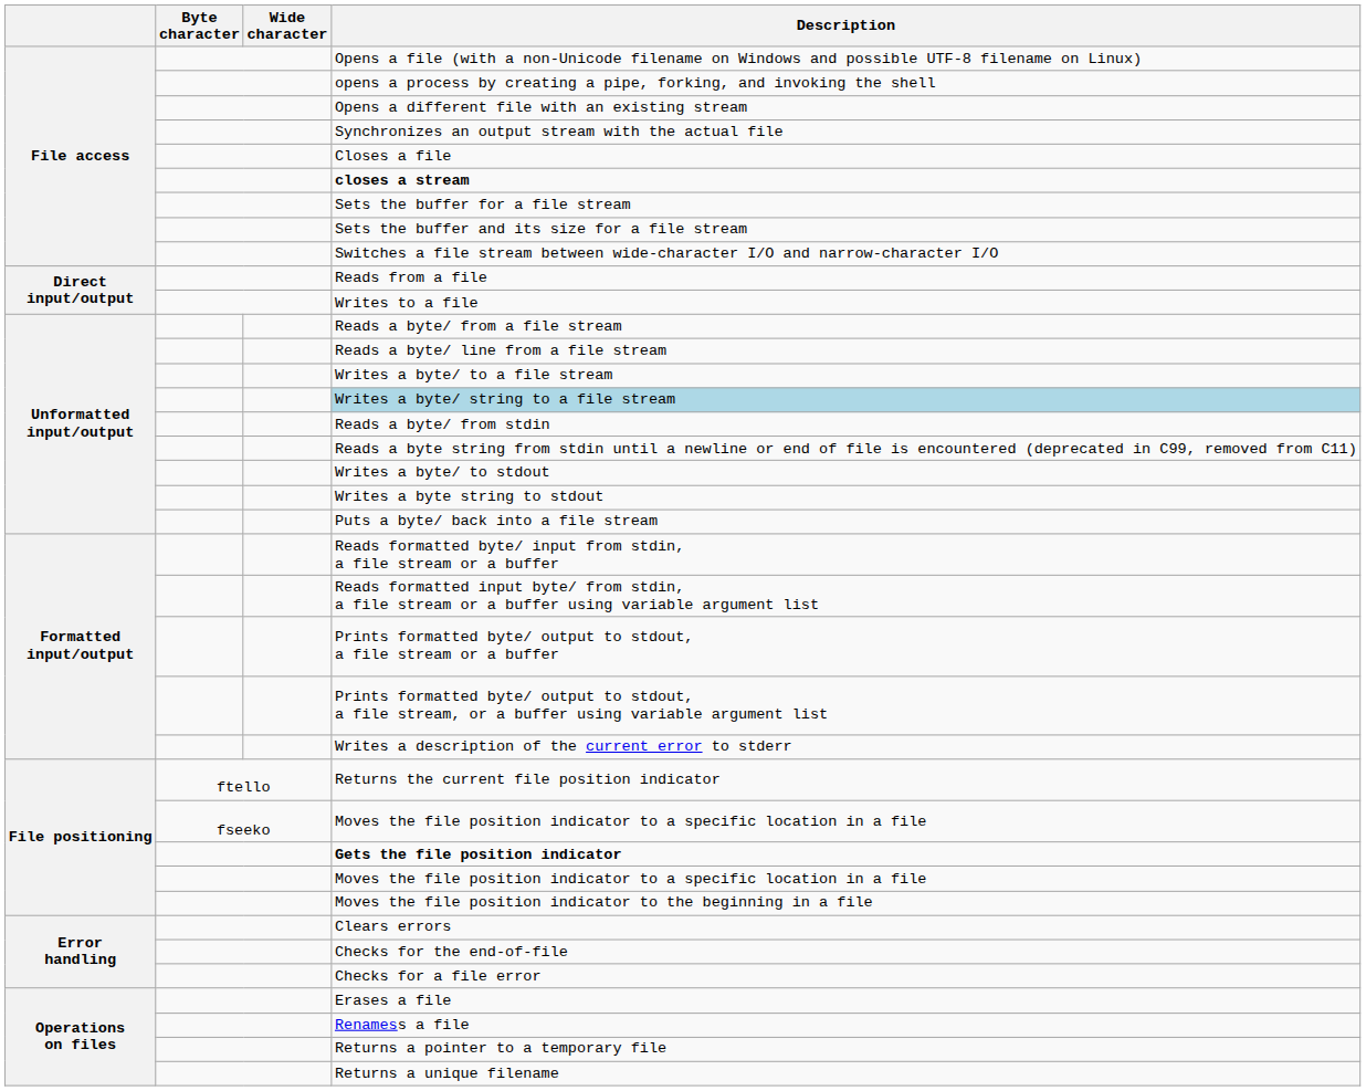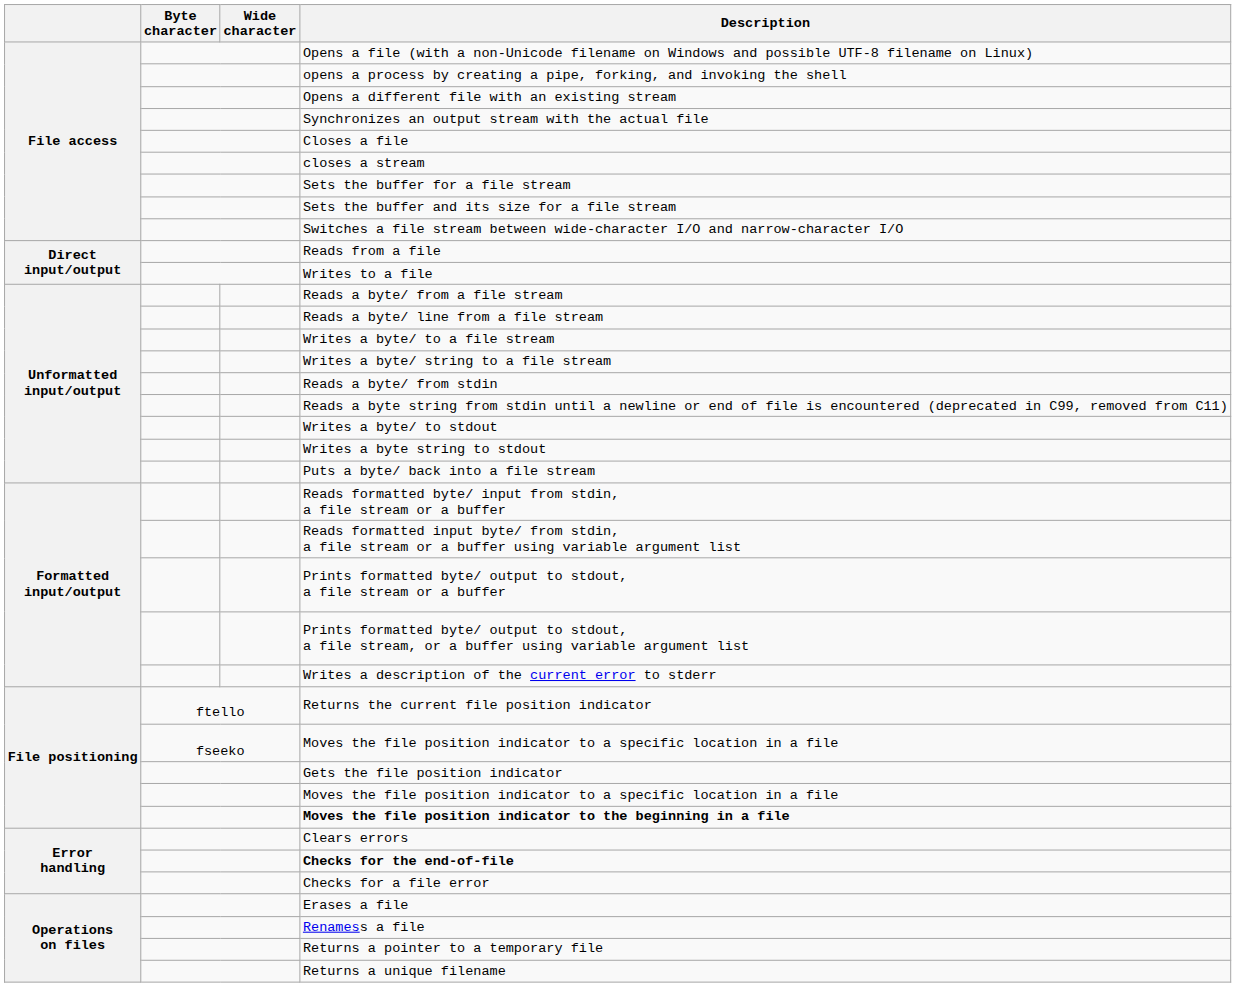 <table class="wikitable">
 <tr>
 <th></th>
 <th>Byte<br>character</th>
 <th>Wide<br>character</th>
 <th>Description</th>
 </tr>
 <tr>
 <th rowspan=9>File access</th>
 <td colspan=2 style="text-align:center;font-family:monospace"></td>
 <td>Opens a file (with a non-Unicode filename on Windows and possible UTF-8 filename on Linux)</td>
 </tr>
 <tr>
 <td colspan=2 style="text-align:center;font-family:monospace"></td>
 <td>opens a process by creating a pipe, forking, and invoking the shell</td>
 </tr>
 <tr>
 <td colspan=2 style="text-align:center;font-family:monospace"></td>
 <td>Opens a different file with an existing stream</td>
 </tr>
 <tr>
 <td colspan=2 style="text-align:center;font-family:monospace"></td>
 <td>Synchronizes an output stream with the actual file</td>
 </tr>
 <tr>
 <td colspan=2 style="text-align:center;font-family:monospace"></td>
 <td>Closes a file</td>
 </tr>
 <tr>
 <td colspan=2 style="text-align:center;font-family:monospace"></td>
-<td><strong>closes a stream</strong></td>
+<td>closes a stream</td>
 </tr>
 <tr>
 <td colspan=2 style="text-align:center;font-family:monospace"></td>
 <td>Sets the buffer for a file stream</td>
 </tr>
 <tr>
 <td colspan=2 style="text-align:center;font-family:monospace"></td>
 <td>Sets the buffer and its size for a file stream</td>
 </tr>
 <tr>
 <td colspan=2 style="text-align:center;font-family:monospace"></td>
 <td>Switches a file stream between wide-character I/O and narrow-character I/O</td>
 </tr>
 <tr>
 <th rowspan=2>Direct <br> input/output</th>
 <td colspan=2 style="text-align:center;font-family:monospace"></td>
 <td>Reads from a file</td>
 </tr>
 <tr>
 <td colspan=2 style="text-align:center;font-family:monospace"></td>
 <td>Writes to a file</td>
 </tr>
 <tr>
 <th rowspan=9>Unformatted <br> input/output</th>
 <td style="font-family:monospace"><br></td>
 <td style="font-family:monospace"><br></td>
 <td>Reads a byte/ from a file stream</td>
 </tr>
 <tr>
 <td style="font-family:monospace"></td>
 <td style="font-family:monospace"></td>
 <td>Reads a byte/ line from a file stream</td>
 </tr>
 <tr>
 <td style="font-family:monospace"><br></td>
 <td style="font-family:monospace"><br></td>
 <td>Writes a byte/ to a file stream</td>
 </tr>
 <tr>
 <td style="font-family:monospace"></td>
 <td style="font-family:monospace"></td>
-<td style="background: lightblue;">Writes a byte/ string to a file stream</td>
+<td>Writes a byte/ string to a file stream</td>
 </tr>
 <tr>
 <td style="font-family:monospace"></td>
 <td style="font-family:monospace"></td>
 <td>Reads a byte/ from stdin</td>
 </tr>
 <tr>
 <td style="font-family:monospace"><s></s></td>
 <td></td>
 <td>Reads a byte string from stdin until a newline or end of file is encountered (deprecated in C99, removed from C11)</td>
 </tr>
 <tr>
 <td style="font-family:monospace"></td>
 <td style="font-family:monospace"></td>
 <td>Writes a byte/ to stdout</td>
 </tr>
 <tr>
 <td style="font-family:monospace"></td>
 <td></td>
 <td>Writes a byte string to stdout</td>
 </tr>
 <tr>
 <td style="font-family:monospace"></td>
 <td style="font-family:monospace"></td>
 <td>Puts a byte/ back into a file stream</td>
 </tr>
 <tr>
 <th rowspan=5>Formatted <br> input/output</th>
 <td style="font-family:monospace"><br><br></td>
 <td style="font-family:monospace"><br><br></td>
 <td>Reads formatted byte/ input from stdin,<br>a file stream or a buffer</td>
 </tr>
 <tr>
 <td style="font-family:monospace"><br><br></td>
 <td style="font-family:monospace"><br><br></td>
 <td>Reads formatted input byte/ from stdin,<br>a file stream or a buffer using variable argument list</td>
 </tr>
 <tr>
 <td style="font-family:monospace"><br><br><br></td>
 <td style="font-family:monospace"><br><br></td>
 <td>Prints formatted byte/ output to stdout,<br>a file stream or a buffer</td>
 </tr>
 <tr>
 <td style="font-family:monospace"><br><br><br></td>
 <td style="font-family:monospace"><br><br></td>
 <td>Prints formatted byte/ output to stdout,<br>a file stream, or a buffer using variable argument list</td>
 </tr>
 <tr>
 <td style="font-family:monospace"></td>
 <td></td>
 <td>Writes a description of the <a href='#'>current error</a> to stderr</td>
 </tr>
 <tr>
 <th rowspan=5>File positioning</th>
 <td colspan=2 style="text-align:center;font-family:monospace"><br>ftello</td>
 <td>Returns the current file position indicator</td>
 </tr>
 <tr>
 <td colspan=2 style="text-align:center;font-family:monospace"><br>fseeko</td>
 <td>Moves the file position indicator to a specific location in a file</td>
 </tr>
 <tr>
 <td colspan=2 style="text-align:center;font-family:monospace"></td>
-<td><strong>Gets the file position indicator</strong></td>
+<td>Gets the file position indicator</td>
 </tr>
 <tr>
 <td colspan=2 style="text-align:center;font-family:monospace"></td>
 <td>Moves the file position indicator to a specific location in a file</td>
 </tr>
 <tr>
 <td colspan=2 style="text-align:center;font-family:monospace"></td>
-<td>Moves the file position indicator to the beginning in a file</td>
+<td><strong>Moves the file position indicator to the beginning in a file</strong></td>
 </tr>
 <tr>
 <th rowspan=3>Error<br>handling</th>
 <td colspan=2 style="text-align:center;font-family:monospace"></td>
 <td>Clears errors</td>
 </tr>
 <tr>
 <td colspan=2 style="text-align:center;font-family:monospace"></td>
-<td>Checks for the end-of-file</td>
+<td><strong>Checks for the end-of-file</strong></td>
 </tr>
 <tr>
 <td colspan=2 style="text-align:center;font-family:monospace"></td>
 <td>Checks for a file error</td>
 </tr>
 <tr>
 <th rowspan=4>Operations <br>on files</th>
 <td colspan=2 style="text-align:center;font-family:monospace"></td>
 <td>Erases a file</td>
 </tr>
 <tr>
 <td colspan=2 style="text-align:center;font-family:monospace"></td>
 <td><a href='#'>Renames</a>s a file</td>
 </tr>
 <tr>
 <td colspan=2 style="text-align:center;font-family:monospace"></td>
 <td>Returns a pointer to a temporary file</td>
 </tr>
 <tr>
 <td colspan=2 style="text-align:center;font-family:monospace"></td>
 <td>Returns a unique filename</td>
 </tr>
 </table>
